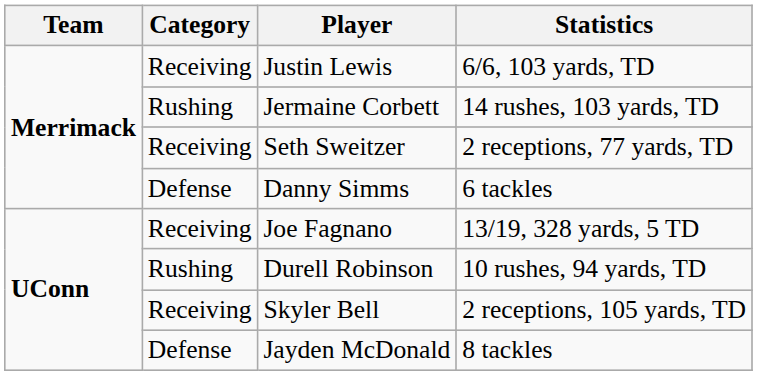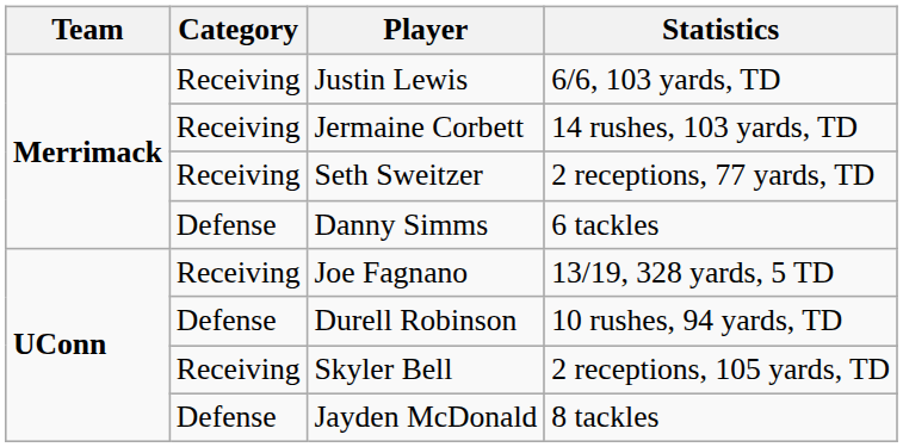 <table class="wikitable" style="float: right;">
 <tr>
 <th>Team</th>
 <th>Category</th>
 <th>Player</th>
 <th>Statistics</th>
 </tr>
 <tr>
 <td rowspan=4><strong>Merrimack</strong></td>
 <td>Receiving</td>
 <td>Justin Lewis</td>
 <td>6/6, 103 yards, TD</td>
 </tr>
 <tr>
-<td>Rushing</td>
+<td>Receiving</td>
 <td>Jermaine Corbett</td>
 <td>14 rushes, 103 yards, TD</td>
 </tr>
 <tr>
 <td>Receiving</td>
 <td>Seth Sweitzer</td>
 <td>2 receptions, 77 yards, TD</td>
 </tr>
 <tr>
 <td>Defense</td>
 <td>Danny Simms</td>
 <td>6 tackles</td>
 </tr>
 <tr>
 <td rowspan=4><strong>UConn</strong></td>
 <td>Receiving</td>
 <td>Joe Fagnano</td>
 <td>13/19, 328 yards, 5 TD</td>
 </tr>
 <tr>
-<td>Rushing</td>
+<td>Defense</td>
 <td>Durell Robinson</td>
 <td>10 rushes, 94 yards, TD</td>
 </tr>
 <tr>
 <td>Receiving</td>
 <td>Skyler Bell</td>
 <td>2 receptions, 105 yards, TD</td>
 </tr>
 <tr>
 <td>Defense</td>
 <td>Jayden McDonald</td>
 <td>8 tackles</td>
 </tr>
 </table>
